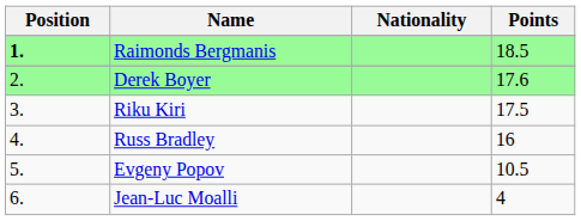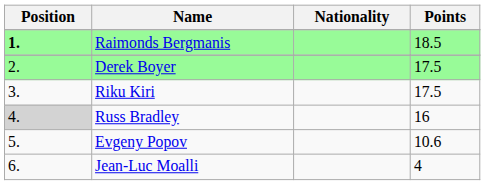 <table class="wikitable" style="display: inline-table; width: 55%;">
 <tr>
 <th>Position</th>
 <th>Name</th>
 <th>Nationality</th>
 <th>Points</th>
 </tr>
 <tr>
 </tr>
 <tr style="background:palegreen">
 <td><strong>1.</strong></td>
 <td><a href='#'>Raimonds Bergmanis</a></td>
 <td></td>
 <td>18.5</td>
 </tr>
 <tr>
 </tr>
 <tr style="background:palegreen">
 <td>2.</td>
 <td><a href='#'>Derek Boyer</a></td>
 <td></td>
-<td>17.6</td>
+<td>17.5</td>
 </tr>
 <tr>
 <td>3.</td>
 <td><a href='#'>Riku Kiri</a></td>
 <td></td>
 <td>17.5</td>
 </tr>
 <tr>
-<td>4.</td>
+<td style="background: lightgrey;">4.</td>
 <td><a href='#'>Russ Bradley</a></td>
 <td></td>
 <td>16</td>
 </tr>
 <tr>
 <td>5.</td>
 <td><a href='#'>Evgeny Popov</a></td>
 <td></td>
-<td>10.5</td>
+<td>10.6</td>
 </tr>
 <tr>
 <td>6.</td>
 <td><a href='#'>Jean-Luc Moalli</a></td>
 <td></td>
 <td>4</td>
 </tr>
 </table>
